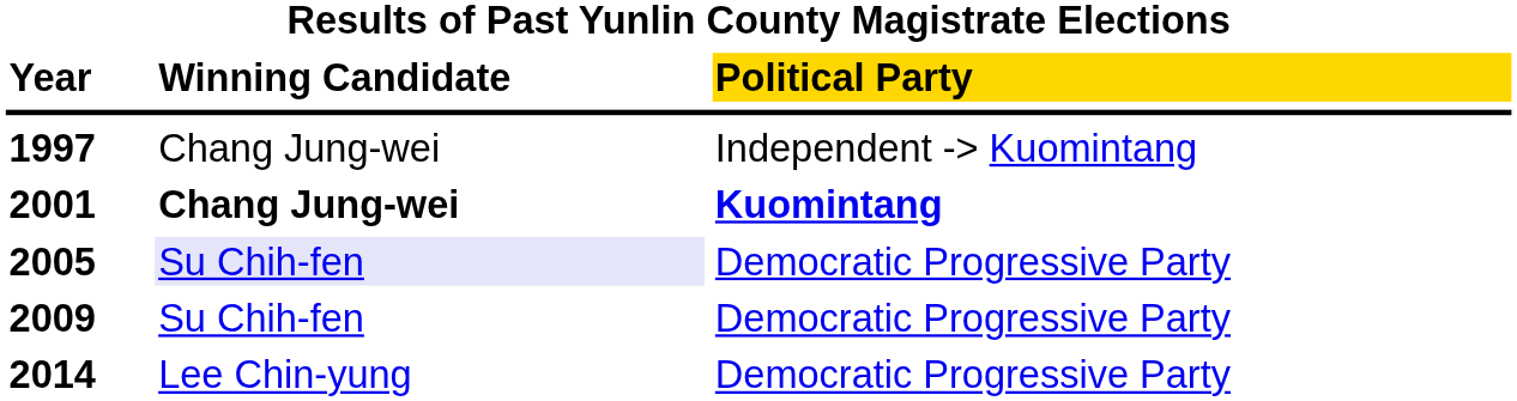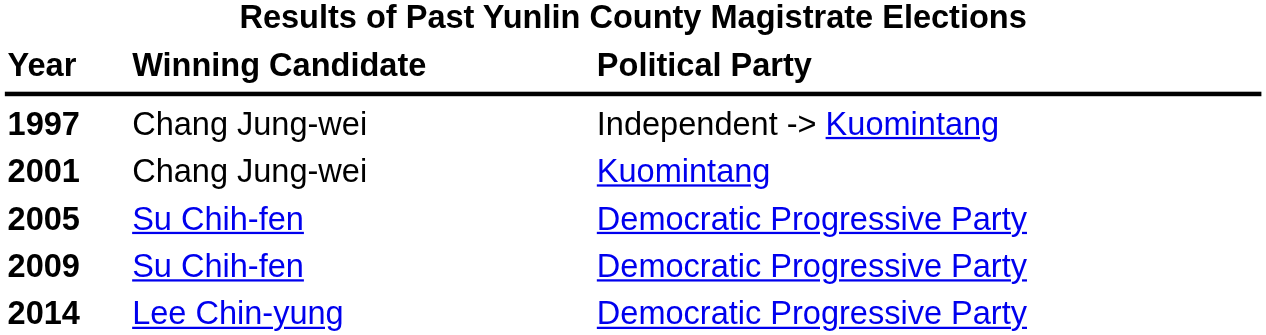 <table id="toc" style="margin:1em auto; width: 90%; font-size: 90%;" cellspacing="3">
 <tr>
 <td colspan="3" align="center"><strong>Results of Past Yunlin County Magistrate Elections</strong></td>
 </tr>
 <tr>
 <td><strong>Year</strong></td>
 <td><strong> Winning Candidate</strong></td>
-<td style="background: gold;"><strong>Political Party</strong></td>
+<td><strong>Political Party</strong></td>
 </tr>
 <tr>
 <th bgcolor="#000000" colspan="5"></th>
 </tr>
 <tr>
 <td><strong>1997</strong></td>
 <td>Chang Jung-wei</td>
 <td> Independent ->  <a href='#'>Kuomintang</a></td>
 </tr>
 <tr>
 <td><strong>2001</strong></td>
-<td><strong>Chang Jung-wei</strong></td>
-<td><strong> <a href='#'>Kuomintang</a></strong></td>
+<td>Chang Jung-wei</td>
+<td> <a href='#'>Kuomintang</a></td>
 </tr>
 <tr>
 <td><strong>2005</strong></td>
-<td style="background: lavender;"><a href='#'>Su Chih-fen</a></td>
+<td><a href='#'>Su Chih-fen</a></td>
 <td> <a href='#'>Democratic Progressive Party</a></td>
 </tr>
 <tr>
 <td><strong>2009</strong></td>
 <td><a href='#'>Su Chih-fen</a></td>
 <td> <a href='#'>Democratic Progressive Party</a></td>
 </tr>
 <tr>
 <td><strong>2014</strong></td>
 <td><a href='#'>Lee Chin-yung</a></td>
 <td> <a href='#'>Democratic Progressive Party</a></td>
 </tr>
 </table>
